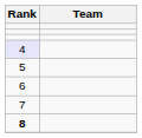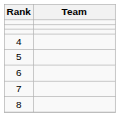 <table class=wikitable style="text-align:center;">
 <tr>
 <th>Rank</th>
 <th width=125>Team</th>
 </tr>
 <tr>
 <td></td>
 <td align=left></td>
 </tr>
 <tr>
 <td></td>
 <td align=left></td>
 </tr>
 <tr>
 <td></td>
 <td align=left></td>
 </tr>
 <tr>
-<td style="background: lavender;">4</td>
+<td>4</td>
 <td align=left></td>
 </tr>
 <tr>
 <td>5</td>
 <td align=left></td>
 </tr>
 <tr>
 <td>6</td>
 <td align=left></td>
 </tr>
 <tr>
 <td>7</td>
 <td align=left></td>
 </tr>
 <tr>
-<td><strong>8</strong></td>
+<td>8</td>
 <td align=left></td>
 </tr>
 <tr>
 </tr>
 </table>
